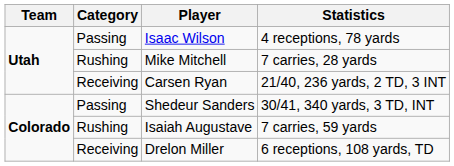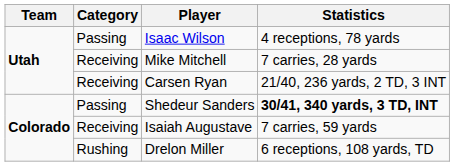 <table class="wikitable" style="float: right;">
 <tr>
 <th>Team</th>
 <th>Category</th>
 <th>Player</th>
 <th>Statistics</th>
 </tr>
 <tr>
 <td rowspan=3><strong>Utah</strong></td>
 <td>Passing</td>
 <td><a href='#'>Isaac Wilson</a></td>
 <td>4 receptions, 78 yards</td>
 </tr>
 <tr>
-<td>Rushing</td>
+<td>Receiving</td>
 <td>Mike Mitchell</td>
 <td>7 carries, 28 yards</td>
 </tr>
 <tr>
 <td>Receiving</td>
 <td>Carsen Ryan</td>
 <td>21/40, 236 yards, 2 TD, 3 INT</td>
 </tr>
 <tr>
 <td rowspan=3><strong>Colorado</strong></td>
 <td>Passing</td>
 <td>Shedeur Sanders</td>
-<td>30/41, 340 yards, 3 TD, INT</td>
+<td><strong>30/41, 340 yards, 3 TD, INT</strong></td>
 </tr>
 <tr>
-<td>Rushing</td>
+<td>Receiving</td>
 <td>Isaiah Augustave</td>
 <td>7 carries, 59 yards</td>
 </tr>
 <tr>
-<td>Receiving</td>
+<td>Rushing</td>
 <td>Drelon Miller</td>
 <td>6 receptions, 108 yards, TD</td>
 </tr>
 </table>
